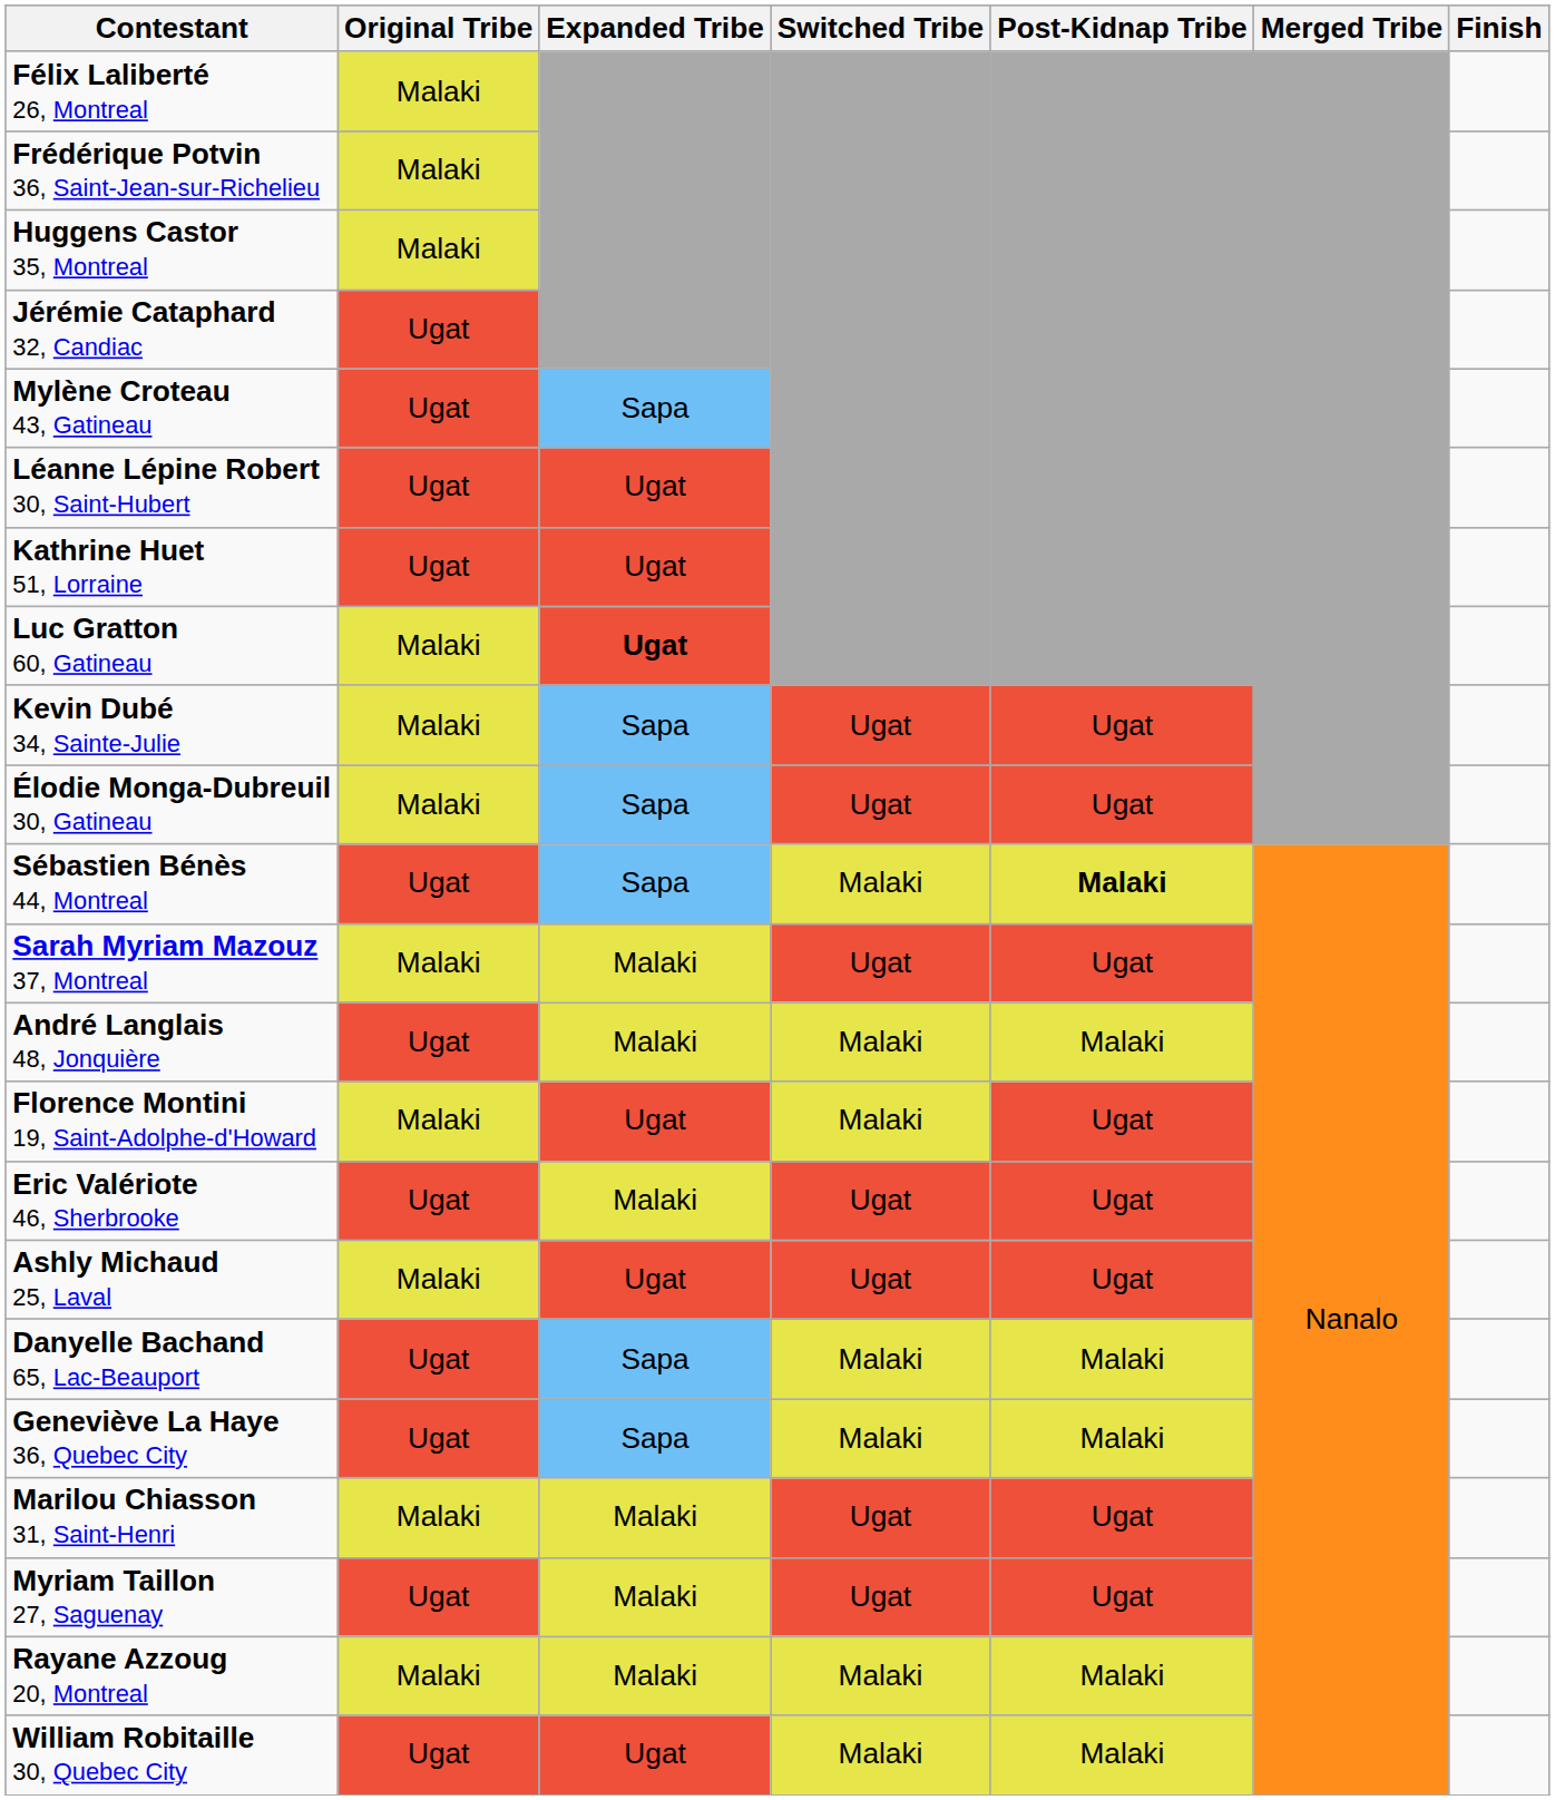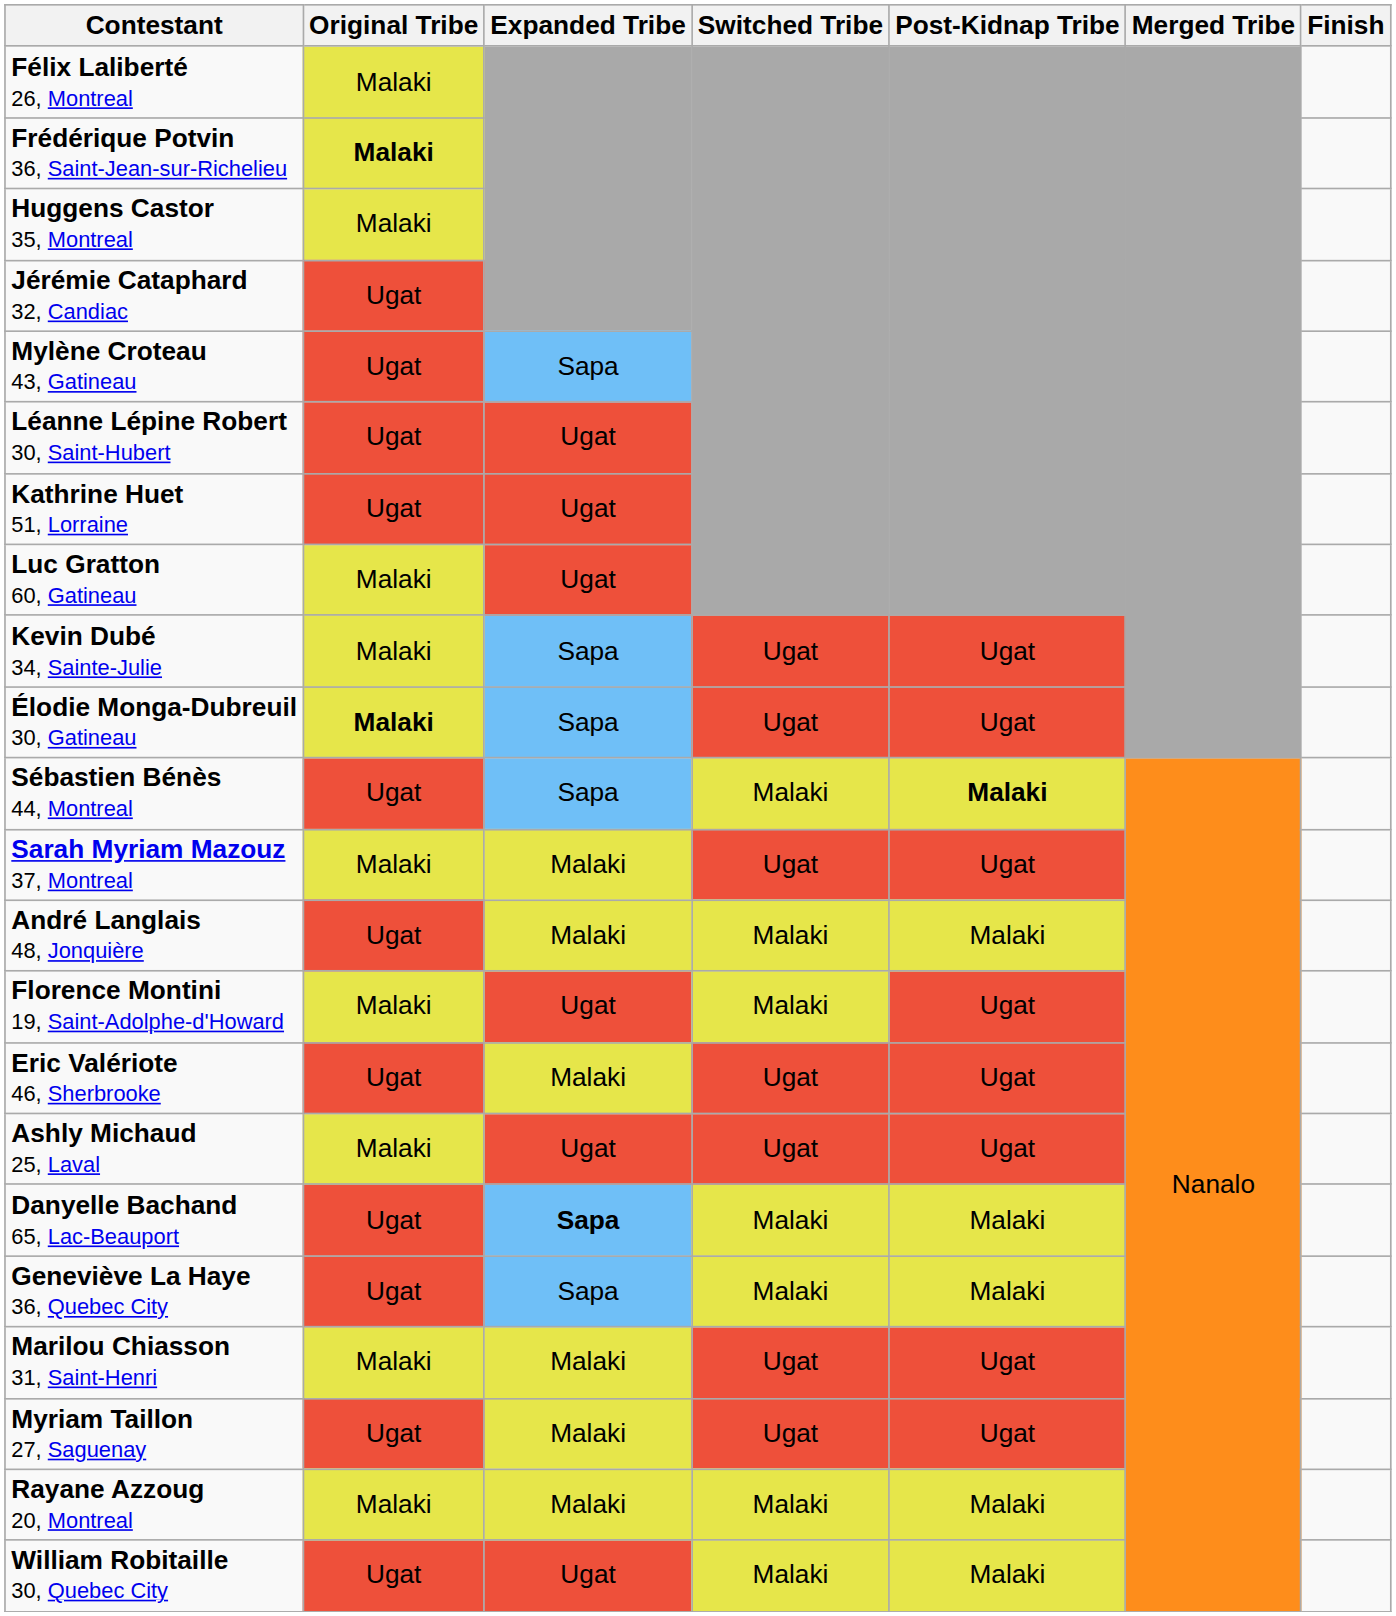 <table class="wikitable sortable" style="margin:auto; text-align:center">
 <tr>
 <th>Contestant</th>
 <th>Original Tribe</th>
 <th>Expanded Tribe</th>
 <th>Switched Tribe</th>
 <th>Post-Kidnap Tribe</th>
 <th>Merged Tribe</th>
 <th>Finish</th>
 </tr>
 <tr>
 <td align="left"><strong>Félix Laliberté</strong><br><small>26, <a href='#'>Montreal</a></small></td>
 <td bgcolor="#e6e64a">Malaki</td>
 <td rowspan="4" bgcolor="darkgrey"></td>
 <td rowspan="8" bgcolor="darkgrey"></td>
 <td rowspan="8" bgcolor="darkgrey"></td>
 <td rowspan="10" bgcolor="darkgrey"></td>
 <td></td>
 </tr>
 <tr>
 <td align="left"><strong>Frédérique Potvin</strong><br><small>36, <a href='#'>Saint-Jean-sur-Richelieu</a></small></td>
-<td bgcolor="#e6e64a">Malaki</td>
+<td bgcolor="#e6e64a"><strong>Malaki</strong></td>
 <td></td>
 </tr>
 <tr>
 <td align="left"><strong>Huggens Castor</strong><br><small>35, <a href='#'>Montreal</a></small></td>
 <td bgcolor="#e6e64a">Malaki</td>
 <td></td>
 </tr>
 <tr>
 <td align="left"><strong>Jérémie Cataphard</strong><br><small>32, <a href='#'>Candiac</a></small></td>
 <td bgcolor="#ee503a">Ugat</td>
 <td></td>
 </tr>
 <tr>
 <td align="left"><strong>Mylène Croteau</strong><br><small>43, <a href='#'>Gatineau</a></small></td>
 <td bgcolor="#ee503a">Ugat</td>
 <td bgcolor="#6fbff7">Sapa</td>
 <td></td>
 </tr>
 <tr>
 <td align="left"><strong>Léanne Lépine Robert</strong><br><small>30, <a href='#'>Saint-Hubert</a></small></td>
 <td bgcolor="#ee503a">Ugat</td>
 <td bgcolor="#ee503a">Ugat</td>
 <td></td>
 </tr>
 <tr>
 <td align="left"><strong>Kathrine Huet</strong><br><small>51, <a href='#'>Lorraine</a></small></td>
 <td bgcolor="#ee503a">Ugat</td>
 <td bgcolor="#ee503a">Ugat</td>
 <td></td>
 </tr>
 <tr>
 <td align="left"><strong>Luc Gratton</strong><br><small>60, <a href='#'>Gatineau</a></small></td>
 <td bgcolor="#e6e64a">Malaki</td>
-<td bgcolor="#ee503a"><strong>Ugat</strong></td>
+<td bgcolor="#ee503a">Ugat</td>
 <td></td>
 </tr>
 <tr>
 <td align="left"><strong>Kevin Dubé</strong><br><small>34, <a href='#'>Sainte-Julie</a></small></td>
 <td bgcolor="#e6e64a">Malaki</td>
 <td bgcolor="#6fbff7">Sapa</td>
 <td bgcolor="#ee503a">Ugat</td>
 <td bgcolor="#ee503a">Ugat</td>
 <td></td>
 </tr>
 <tr>
 <td align="left"><strong>Élodie Monga-Dubreuil</strong><br><small>30, <a href='#'>Gatineau</a></small></td>
-<td bgcolor="#e6e64a">Malaki</td>
+<td bgcolor="#e6e64a"><strong>Malaki</strong></td>
 <td bgcolor="#6fbff7">Sapa</td>
 <td bgcolor="#ee503a">Ugat</td>
 <td bgcolor="#ee503a">Ugat</td>
 <td></td>
 </tr>
 <tr>
 <td align="left"><strong>Sébastien Bénès</strong><br><small>44, <a href='#'>Montreal</a></small></td>
 <td bgcolor="#ee503a">Ugat</td>
 <td bgcolor="#6fbff7">Sapa</td>
 <td bgcolor="#e6e64a">Malaki</td>
 <td bgcolor="#e6e64a"><strong>Malaki</strong></td>
 <td rowspan="12" bgcolor="#fe8d1b">Nanalo</td>
 <td></td>
 </tr>
 <tr>
 <td align="left"><strong><a href='#'>Sarah Myriam Mazouz</a></strong><br><small>37, <a href='#'>Montreal</a></small></td>
 <td bgcolor="#e6e64a">Malaki</td>
 <td bgcolor="#e6e64a">Malaki</td>
 <td bgcolor="#ee503a">Ugat</td>
 <td bgcolor="#ee503a">Ugat</td>
 <td></td>
 </tr>
 <tr>
 <td align="left"><strong>André Langlais</strong><br><small>48, <a href='#'>Jonquière</a></small></td>
 <td bgcolor="#ee503a">Ugat</td>
 <td bgcolor="#e6e64a">Malaki</td>
 <td bgcolor="#e6e64a">Malaki</td>
 <td bgcolor="#e6e64a">Malaki</td>
 <td></td>
 </tr>
 <tr>
 <td align="left"><strong>Florence Montini</strong><br><small>19, <a href='#'>Saint-Adolphe-d'Howard</a></small></td>
 <td bgcolor="#e6e64a">Malaki</td>
 <td bgcolor="#ee503a">Ugat</td>
 <td bgcolor="#e6e64a">Malaki</td>
 <td bgcolor="#ee503a">Ugat</td>
 <td></td>
 </tr>
 <tr>
 <td align="left"><strong>Eric Valériote</strong><br><small>46, <a href='#'>Sherbrooke</a></small></td>
 <td bgcolor="#ee503a">Ugat</td>
 <td bgcolor="#e6e64a">Malaki</td>
 <td bgcolor="#ee503a">Ugat</td>
 <td bgcolor="#ee503a">Ugat</td>
 <td></td>
 </tr>
 <tr>
 <td align="left"><strong>Ashly Michaud</strong><br><small>25, <a href='#'>Laval</a></small></td>
 <td bgcolor="#e6e64a">Malaki</td>
 <td bgcolor="#ee503a">Ugat</td>
 <td bgcolor="#ee503a">Ugat</td>
 <td bgcolor="#ee503a">Ugat</td>
 <td></td>
 </tr>
 <tr>
 <td align="left"><strong>Danyelle Bachand</strong><br><small>65, <a href='#'>Lac-Beauport</a></small></td>
 <td bgcolor="#ee503a">Ugat</td>
-<td bgcolor="#6fbff7">Sapa</td>
+<td bgcolor="#6fbff7"><strong>Sapa</strong></td>
 <td bgcolor="#e6e64a">Malaki</td>
 <td bgcolor="#e6e64a">Malaki</td>
 <td></td>
 </tr>
 <tr>
 <td align="left"><strong>Geneviève La Haye</strong><br><small>36, <a href='#'>Quebec City</a></small></td>
 <td bgcolor="#ee503a">Ugat</td>
 <td bgcolor="#6fbff7">Sapa</td>
 <td bgcolor="#e6e64a">Malaki</td>
 <td bgcolor="#e6e64a">Malaki</td>
 <td></td>
 </tr>
 <tr>
 <td align="left"><strong>Marilou Chiasson</strong><br><small>31, <a href='#'>Saint-Henri</a></small></td>
 <td bgcolor="#e6e64a">Malaki</td>
 <td bgcolor="#e6e64a">Malaki</td>
 <td bgcolor="#ee503a">Ugat</td>
 <td bgcolor="#ee503a">Ugat</td>
 <td></td>
 </tr>
 <tr>
 <td align="left"><strong>Myriam Taillon</strong><br><small>27, <a href='#'>Saguenay</a></small></td>
 <td bgcolor="#ee503a">Ugat</td>
 <td bgcolor="#e6e64a">Malaki</td>
 <td bgcolor="#ee503a">Ugat</td>
 <td bgcolor="#ee503a">Ugat</td>
 <td></td>
 </tr>
 <tr>
 <td align="left"><strong>Rayane Azzoug</strong><br><small>20, <a href='#'>Montreal</a></small></td>
 <td bgcolor="#e6e64a">Malaki</td>
 <td bgcolor="#e6e64a">Malaki</td>
 <td bgcolor="#e6e64a">Malaki</td>
 <td bgcolor="#e6e64a">Malaki</td>
 <td></td>
 </tr>
 <tr>
 <td align="left"><strong>William Robitaille</strong><br><small>30, <a href='#'>Quebec City</a></small></td>
 <td bgcolor="#ee503a">Ugat</td>
 <td bgcolor="#ee503a">Ugat</td>
 <td bgcolor="#e6e64a">Malaki</td>
 <td bgcolor="#e6e64a">Malaki</td>
 <td></td>
 </tr>
 <tr>
 </tr>
 </table>
